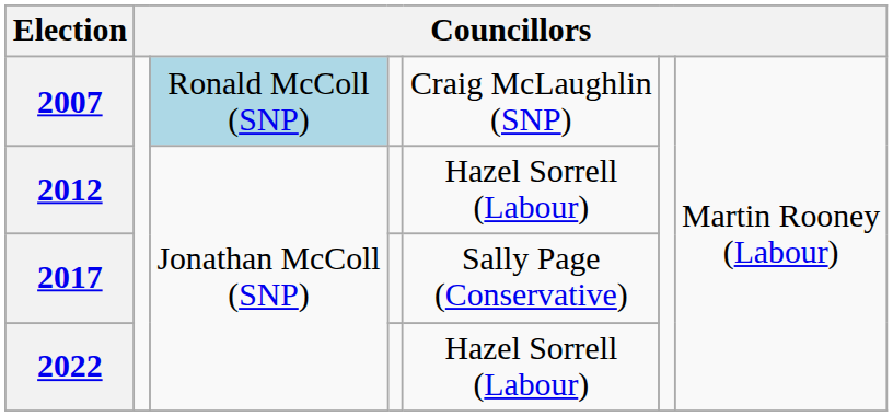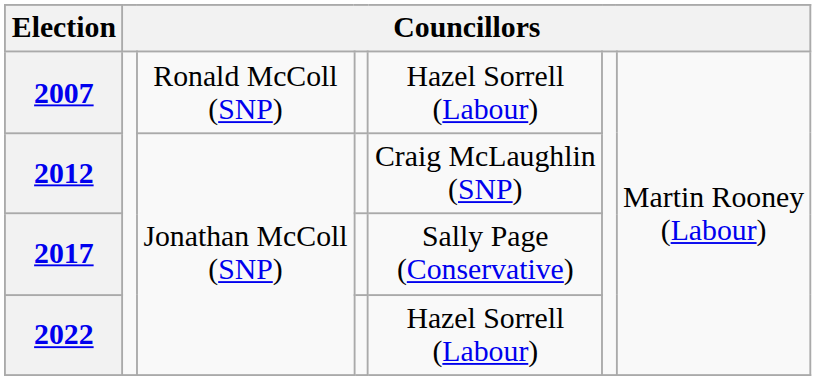 <table class="wikitable" style="text-align:center">
 <tr>
 <th>Election</th>
 <th colspan=8>Councillors</th>
 </tr>
 <tr>
 <th><a href='#'>2007</a></th>
 <td rowspan=4; style="background-color: "></td>
-<td rowspan=1 style="background: lightblue;">Ronald McColl<br>(<a href='#'>SNP</a>)</td>
+<td rowspan=1>Ronald McColl<br>(<a href='#'>SNP</a>)</td>
 <td rowspan=1; style="background-color: "></td>
-<td rowspan=1>Craig McLaughlin<br>(<a href='#'>SNP</a>)</td>
+<td rowspan=1>Hazel Sorrell<br>(<a href='#'>Labour</a>)</td>
 <td rowspan=4; style="background-color: "></td>
 <td rowspan=4>Martin Rooney<br>(<a href='#'>Labour</a>)</td>
 </tr>
 <tr>
 <th><a href='#'>2012</a></th>
 <td rowspan=3>Jonathan McColl<br>(<a href='#'>SNP</a>)</td>
 <td rowspan=1; style="background-color: "></td>
-<td rowspan=1>Hazel Sorrell<br>(<a href='#'>Labour</a>)</td>
+<td rowspan=1>Craig McLaughlin<br>(<a href='#'>SNP</a>)</td>
 </tr>
 <tr>
 <th><a href='#'>2017</a></th>
 <td rowspan=1; style="background-color: "></td>
 <td rowspan=1>Sally Page<br>(<a href='#'>Conservative</a>)</td>
 </tr>
 <tr>
 <th><a href='#'>2022</a></th>
 <td rowspan=1; style="background-color: "></td>
 <td rowspan=1>Hazel Sorrell<br>(<a href='#'>Labour</a>)</td>
 </tr>
 </table>
